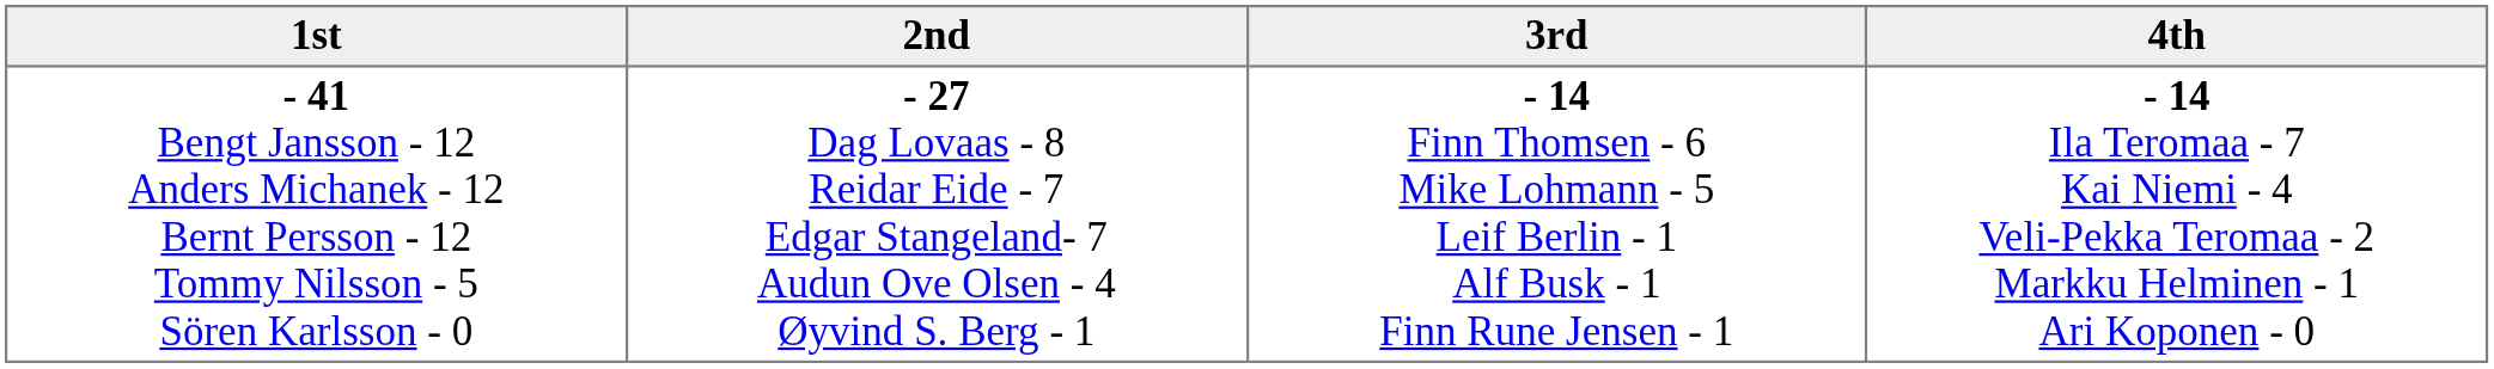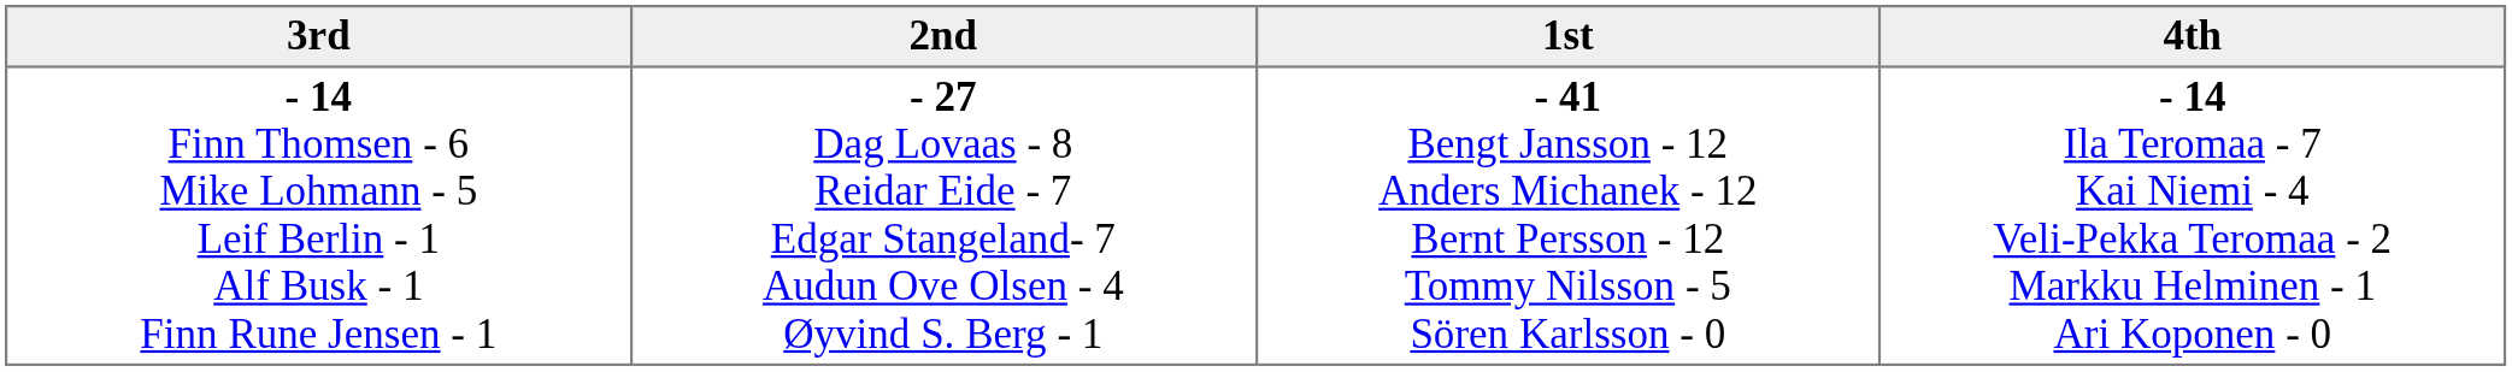 <table border=1 cellpadding=2 cellspacing=0 width=75% style="border-collapse:collapse">
 <tr align=center style="background:#efefef;">
+<th width=20% >3rd</th>
+<th width=20% >2nd</th>
 <th width=20% >1st</th>
-<th width=20% >2nd</th>
-<th width=20% >3rd</th>
 <th width=20%>4th</th>
 </tr>
 <tr align=center>
+<td valign=top ><strong> - 14</strong><br><a href='#'>Finn Thomsen</a> - 6<br><a href='#'>Mike Lohmann</a> - 5<br><a href='#'>Leif Berlin</a> - 1<br><a href='#'>Alf Busk</a> - 1<br><a href='#'>Finn Rune Jensen</a> - 1</td>
+<td valign=top ><strong> - 27</strong><br><a href='#'>Dag Lovaas</a> - 8<br><a href='#'>Reidar Eide</a> - 7<br><a href='#'>Edgar Stangeland</a>- 7<br><a href='#'>Audun Ove Olsen</a> - 4<br><a href='#'>Øyvind S. Berg</a> - 1</td>
 <td valign=top ><strong> - 41</strong><br><a href='#'>Bengt Jansson</a> - 12<br><a href='#'>Anders Michanek</a> - 12<br><a href='#'>Bernt Persson</a> - 12<br><a href='#'>Tommy Nilsson</a> - 5<br><a href='#'>Sören Karlsson</a> - 0</td>
-<td valign=top ><strong> - 27</strong><br><a href='#'>Dag Lovaas</a> - 8<br><a href='#'>Reidar Eide</a> - 7<br><a href='#'>Edgar Stangeland</a>- 7<br><a href='#'>Audun Ove Olsen</a> - 4<br><a href='#'>Øyvind S. Berg</a> - 1</td>
-<td valign=top ><strong> - 14</strong><br><a href='#'>Finn Thomsen</a> - 6<br><a href='#'>Mike Lohmann</a> - 5<br><a href='#'>Leif Berlin</a> - 1<br><a href='#'>Alf Busk</a> - 1<br><a href='#'>Finn Rune Jensen</a> - 1</td>
 <td valign=top><strong> - 14</strong><br><a href='#'>Ila Teromaa</a> - 7<br><a href='#'>Kai Niemi</a> - 4<br><a href='#'>Veli-Pekka Teromaa</a> - 2<br><a href='#'>Markku Helminen</a>  - 1<br><a href='#'>Ari Koponen</a> - 0</td>
 </tr>
 </table>
